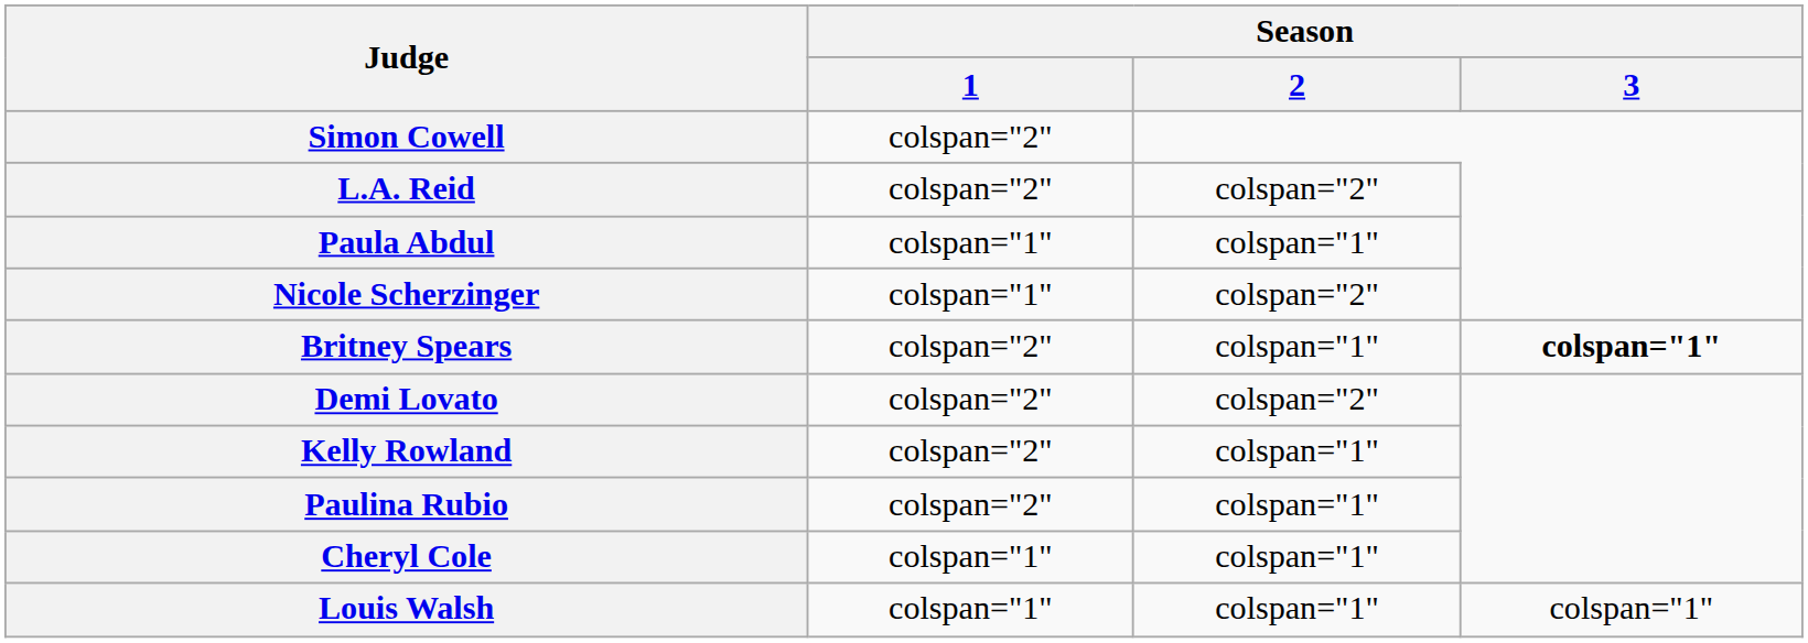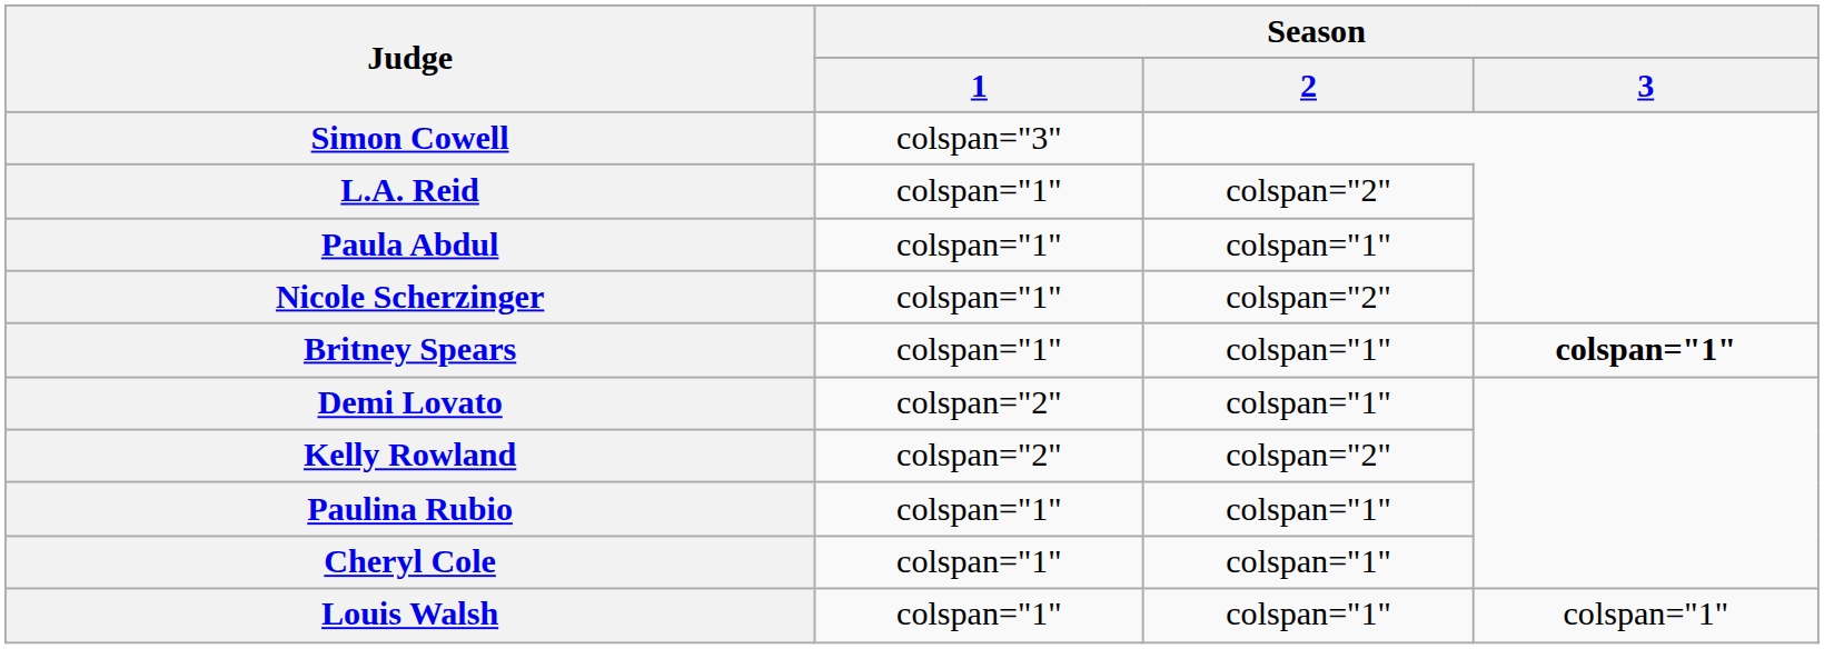 <table class="wikitable plainrowheaders" style="text-align:center">
 <tr>
 <th rowspan="2" style="width:20%;" scope="col">Judge</th>
 <th colspan="3">Season</th>
 </tr>
 <tr>
 <th style="width:6.67%;" scope="colspan"><a href='#'>1</a></th>
 <th style="width:6.67%;" scope="colspan"><a href='#'>2</a></th>
 <th style="width:6.67%;" scope="colspan"><a href='#'>3</a></th>
 </tr>
 <tr>
 <th scope="row" style="text-align: center;"><a href='#'>Simon Cowell</a></th>
-<td>colspan="2" </td>
+<td>colspan="3" </td>
 </tr>
 <tr>
 <th scope="row" style="text-align: center;"><a href='#'>L.A. Reid</a></th>
-<td>colspan="2" </td>
+<td>colspan="1" </td>
 <td>colspan="2" </td>
 </tr>
 <tr>
 <th scope="row" style="text-align: center;"><a href='#'>Paula Abdul</a></th>
 <td>colspan="1" </td>
 <td>colspan="1" </td>
 </tr>
 <tr>
 <th scope="row" style="text-align: center;"><a href='#'>Nicole Scherzinger</a></th>
 <td>colspan="1" </td>
 <td>colspan="2" </td>
 </tr>
 <tr>
 <th scope="row" style="text-align: center;"><a href='#'>Britney Spears</a></th>
-<td>colspan="2" </td>
+<td>colspan="1" </td>
 <td>colspan="1" </td>
 <td><strong>colspan="1" </strong></td>
 </tr>
 <tr>
 <th scope="row" style="text-align: center;"><a href='#'>Demi Lovato</a></th>
 <td>colspan="2" </td>
-<td>colspan="2" </td>
+<td>colspan="1" </td>
 </tr>
 <tr>
 <th scope="row" style="text-align: center;"><a href='#'>Kelly Rowland</a></th>
 <td>colspan="2" </td>
-<td>colspan="1" </td>
+<td>colspan="2" </td>
 </tr>
 <tr>
 <th scope="row" style="text-align: center;"><a href='#'>Paulina Rubio</a></th>
-<td>colspan="2" </td>
+<td>colspan="1" </td>
 <td>colspan="1" </td>
 </tr>
 <tr>
 <th scope="row" style="text-align: center;"><a href='#'>Cheryl Cole</a></th>
 <td>colspan="1" </td>
 <td>colspan="1" </td>
 </tr>
 <tr>
 <th scope="row" style="text-align: center;"><a href='#'>Louis Walsh</a></th>
 <td>colspan="1" </td>
 <td>colspan="1" </td>
 <td>colspan="1" </td>
 </tr>
 </table>
